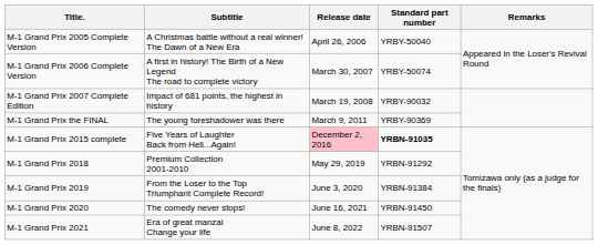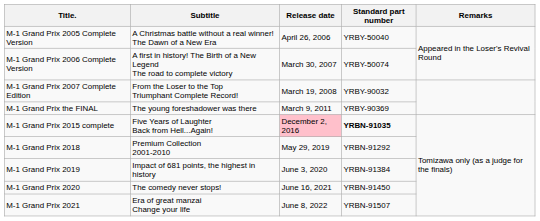 <table class="wikitable" style="text-align:left;font-size:small;">
 <tr>
 <th>Title.</th>
 <th>Subtitle</th>
 <th>Release date</th>
 <th>Standard part number</th>
 <th>Remarks</th>
 </tr>
 <tr>
 <td>M-1 Grand Prix 2005 Complete Version</td>
 <td>A Christmas battle without a real winner! <br>The Dawn of a New Era</td>
 <td>April 26, 2006</td>
 <td>YRBY-50040</td>
 <td rowspan="2">Appeared in the Loser's Revival Round</td>
 </tr>
 <tr>
 <td>M-1 Grand Prix 2006 Complete Version</td>
 <td>A first in history! The Birth of a New Legend<br>The road to complete victory</td>
 <td>March 30, 2007</td>
 <td>YRBY-50074</td>
 </tr>
 <tr>
 <td>M-1 Grand Prix 2007 Complete Edition</td>
-<td>Impact of 681 points, the highest in history</td>
+<td>From the Loser to the Top<br>Triumphant Complete Record!</td>
 <td>March 19, 2008</td>
 <td>YRBY-90032</td>
 <td rowspan="2"></td>
 </tr>
 <tr>
 <td>M-1 Grand Prix the FINAL</td>
 <td style="white-space:nowrap">The young foreshadower was there</td>
 <td>March 9, 2011</td>
 <td>YRBY-90369</td>
 </tr>
 <tr>
 <td>M-1 Grand Prix 2015 complete</td>
 <td>Five Years of Laughter<br>Back from Hell...Again!</td>
 <td style="background: pink;">December 2, 2016</td>
 <td><strong>YRBN-91035</strong></td>
 <td rowspan="5">Tomizawa only (as a judge for the finals)</td>
 </tr>
 <tr>
 <td style="white-space:nowrap">M-1 Grand Prix 2018</td>
 <td>Premium Collection<br>2001-2010</td>
 <td>May 29, 2019</td>
 <td>YRBN-91292</td>
 </tr>
 <tr>
 <td>M-1 Grand Prix 2019</td>
-<td>From the Loser to the Top<br>Triumphant Complete Record!</td>
+<td>Impact of 681 points, the highest in history</td>
 <td>June 3, 2020</td>
 <td>YRBN-91384</td>
 </tr>
 <tr>
 <td>M-1 Grand Prix 2020</td>
 <td>The comedy never stops!</td>
 <td>June 16, 2021</td>
 <td>YRBN-91450</td>
 </tr>
 <tr>
 <td>M-1 Grand Prix 2021</td>
 <td>Era of great manzai<br>Change your life</td>
 <td>June 8, 2022</td>
 <td>YRBN-91507</td>
 </tr>
 </table>
